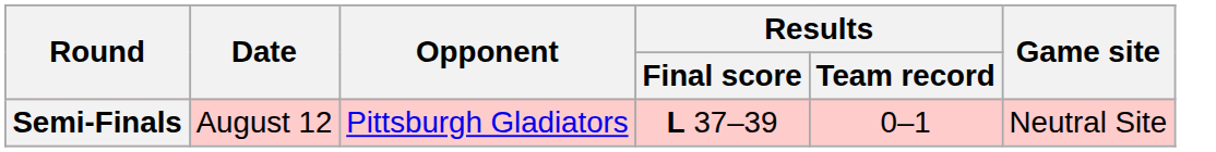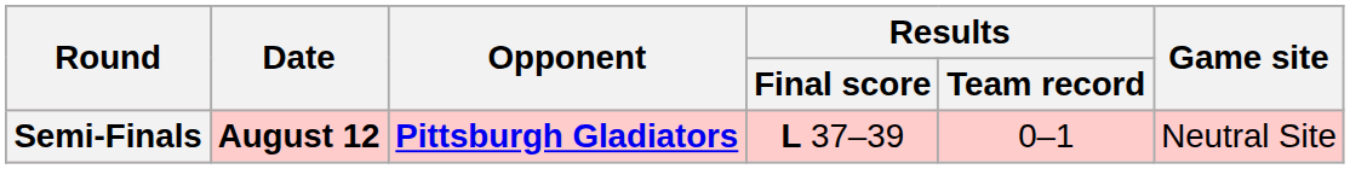 <table class="wikitable" style="font-size: 92%;" "align=center">
 <tr>
 <th rowspan="2">Round</th>
 <th rowspan="2">Date</th>
 <th rowspan="2">Opponent</th>
 <th colspan="2">Results</th>
 <th rowspan="2">Game site</th>
 </tr>
 <tr>
 <th>Final score</th>
 <th>Team record</th>
 </tr>
 <tr style="background:#fcc">
 <th>Semi-Finals</th>
-<td style="text-align:center;">August 12</td>
-<td style="text-align:center;"><a href='#'>Pittsburgh Gladiators</a></td>
+<td style="text-align:center;"><strong>August 12</strong></td>
+<td style="text-align:center;"><strong><a href='#'>Pittsburgh Gladiators</a></strong></td>
 <td style="text-align:center;"><strong>L</strong> 37–39</td>
 <td style="text-align:center;">0–1</td>
 <td style="text-align:center;">Neutral Site</td>
 </tr>
 </table>
